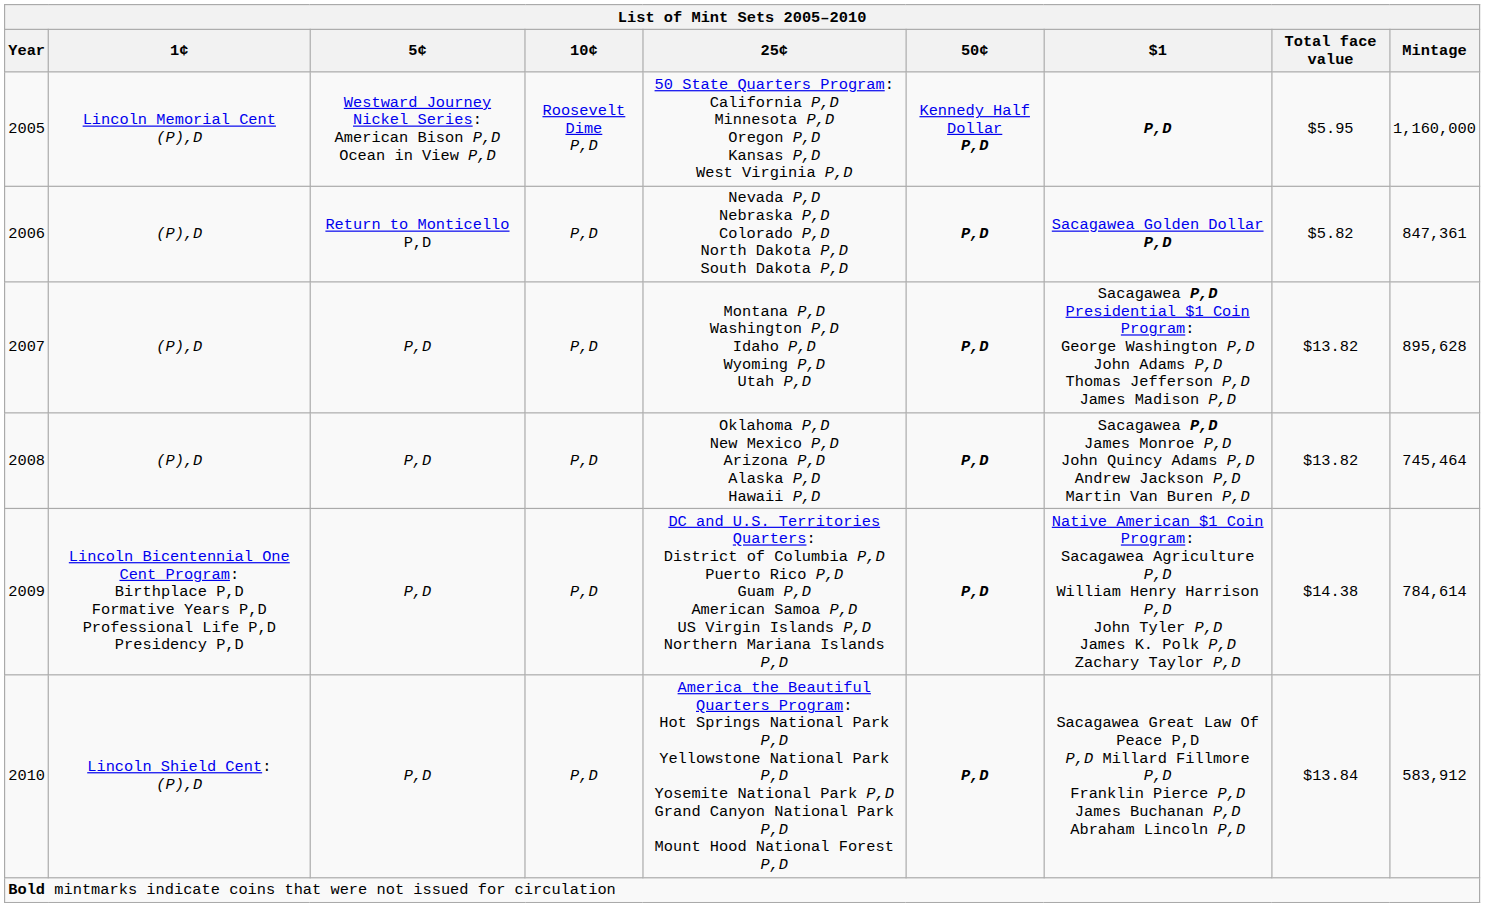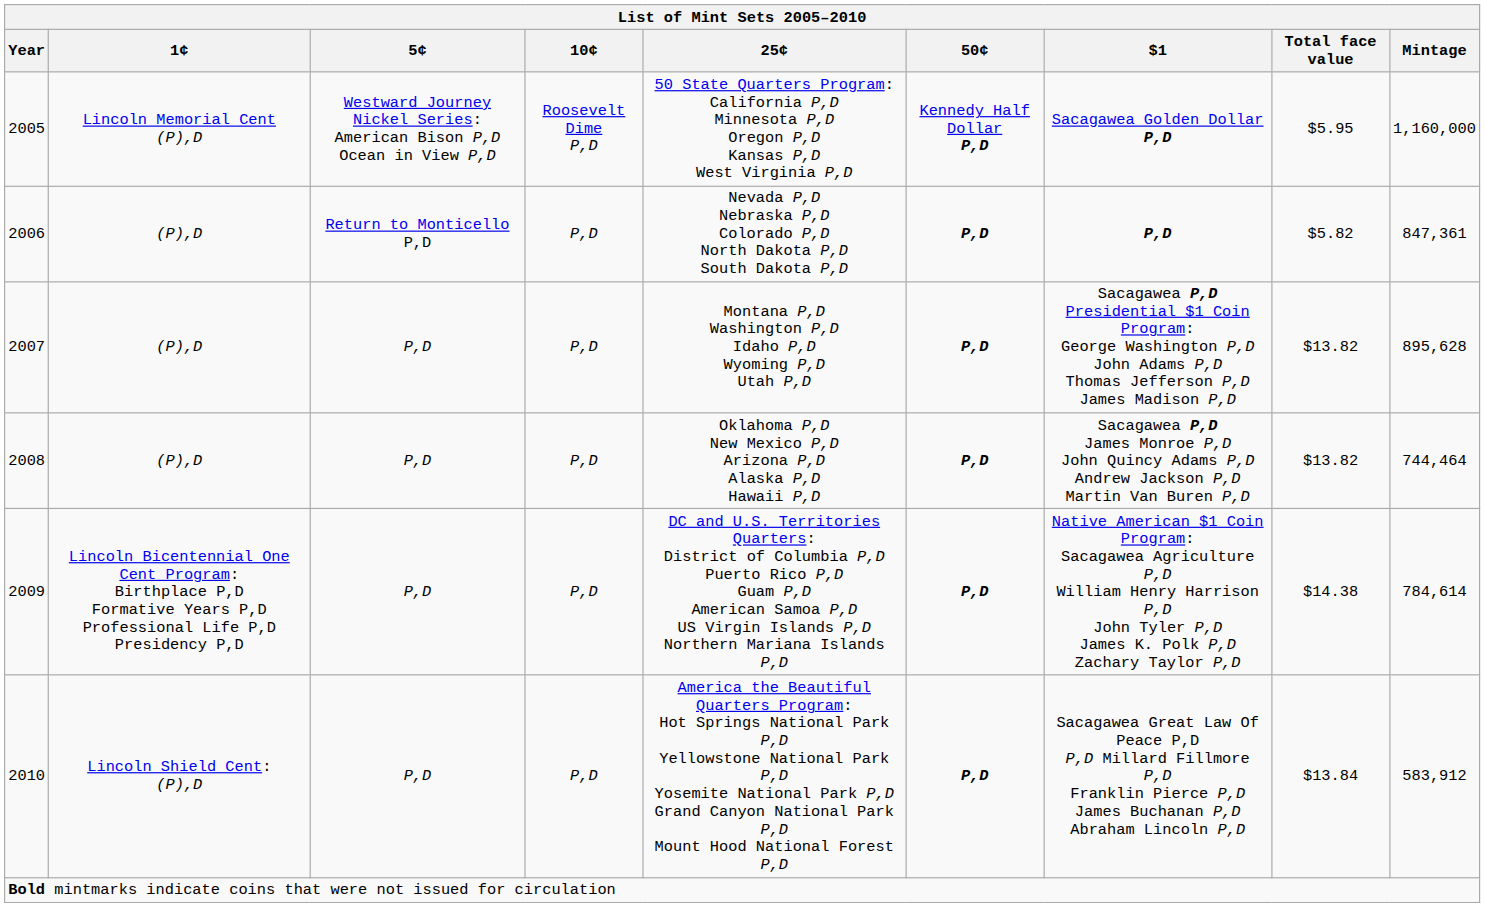 <table class="wikitable mw-collapsible mw-collapsed">
 <tr>
 <th colspan="9">List of Mint Sets 2005–2010</th>
 </tr>
 <tr>
 <th align="center">Year</th>
 <th align="center">1¢</th>
 <th align="center">5¢</th>
 <th align="center">10¢</th>
 <th align="center">25¢</th>
 <th align="center">50¢</th>
 <th align="center">$1</th>
 <th align="center">Total face value</th>
 <th align="center">Mintage</th>
 </tr>
 <tr>
 <td align="center">2005</td>
 <td align="center"><a href='#'>Lincoln Memorial Cent</a><br><em>(P),D</em></td>
 <td align="center"><a href='#'>Westward Journey Nickel Series</a>:<br>American Bison <em>P,D</em><br>Ocean in View <em>P,D</em></td>
 <td align="center"><a href='#'>Roosevelt Dime</a><br><em>P,D</em></td>
 <td align="center"><a href='#'>50 State Quarters Program</a>:<br>California <em>P,D</em><br>Minnesota <em>P,D</em><br>Oregon <em>P,D</em><br>Kansas <em>P,D</em><br>West Virginia <em>P,D</em></td>
 <td align="center"><a href='#'>Kennedy Half Dollar</a><br><strong><em>P,D</em></strong></td>
-<td align="center"><strong><em>P,D</em></strong></td>
+<td align="center"><a href='#'>Sacagawea Golden Dollar</a><br><strong><em>P,D</em></strong></td>
 <td align="center">$5.95</td>
 <td align="center">1,160,000</td>
 </tr>
 <tr>
 <td align="center">2006</td>
 <td align="center"><em>(P),D</em></td>
 <td align="center"><a href='#'>Return to Monticello</a> P,D</td>
 <td align="center"><em>P,D</em></td>
 <td align="center">Nevada <em>P,D</em><br>Nebraska <em>P,D</em><br>Colorado <em>P,D</em><br>North Dakota <em>P,D</em><br>South Dakota <em>P,D</em></td>
 <td align="center"><strong><em>P,D</em></strong></td>
-<td align="center"><a href='#'>Sacagawea Golden Dollar</a><br><strong><em>P,D</em></strong></td>
+<td align="center"><strong><em>P,D</em></strong></td>
 <td align="center">$5.82</td>
 <td align="center">847,361</td>
 </tr>
 <tr>
 <td align="center">2007</td>
 <td align="center"><em>(P),D</em></td>
 <td align="center"><em>P,D</em></td>
 <td align="center"><em>P,D</em></td>
 <td align="center">Montana <em>P,D</em><br>Washington <em>P,D</em><br>Idaho <em>P,D</em><br>Wyoming <em>P,D</em><br>Utah <em>P,D</em></td>
 <td align="center"><strong><em>P,D</em></strong></td>
 <td align="center">Sacagawea <strong><em>P,D</em></strong><br><a href='#'>Presidential $1 Coin Program</a>:<br>George Washington <em>P,D</em><br>John Adams <em>P,D</em><br>Thomas Jefferson <em>P,D</em><br>James Madison <em>P,D</em></td>
 <td align="center">$13.82</td>
 <td align="center">895,628</td>
 </tr>
 <tr>
 <td align="center">2008</td>
 <td align="center"><em>(P),D</em></td>
 <td align="center"><em>P,D</em></td>
 <td align="center"><em>P,D</em></td>
 <td align="center">Oklahoma <em>P,D</em><br>New Mexico <em>P,D</em><br>Arizona <em>P,D</em><br>Alaska <em>P,D</em><br>Hawaii <em>P,D</em></td>
 <td align="center"><strong><em>P,D</em></strong></td>
 <td align="center">Sacagawea <strong><em>P,D</em></strong><br>James Monroe <em>P,D</em><br>John Quincy Adams <em>P,D</em><br>Andrew Jackson <em>P,D</em><br>Martin Van Buren <em>P,D</em></td>
 <td align="center">$13.82</td>
-<td align="center">745,464</td>
+<td align="center">744,464</td>
 </tr>
 <tr>
 <td align="center">2009</td>
 <td align="center"><br><a href='#'>Lincoln Bicentennial One Cent Program</a>:<br> Birthplace P,D<br> Formative Years P,D<br> Professional Life P,D<br> Presidency P,D</td>
 <td align="center"><em>P,D</em></td>
 <td align="center"><em>P,D</em></td>
 <td align="center"><a href='#'>DC and U.S. Territories Quarters</a>:<br>District of Columbia <em>P,D</em><br>Puerto Rico <em>P,D</em><br>Guam <em>P,D</em><br>American Samoa <em>P,D</em><br>US Virgin Islands <em>P,D</em><br>Northern Mariana Islands <em>P,D</em></td>
 <td align="center"><strong><em>P,D</em></strong></td>
 <td align="center"><a href='#'>Native American $1 Coin Program</a>:<br>Sacagawea Agriculture <em>P,D</em><br>William Henry Harrison <em>P,D</em><br>John Tyler <em>P,D</em><br>James K. Polk <em>P,D</em><br>Zachary Taylor <em>P,D</em></td>
 <td align="center">$14.38</td>
 <td align="center">784,614</td>
 </tr>
 <tr>
 <td align="center">2010</td>
 <td align="center"><a href='#'>Lincoln Shield Cent</a>:<br> <em>(P),D</em></td>
 <td align="center"><em>P,D</em></td>
 <td align="center"><em>P,D</em></td>
 <td align="center"><a href='#'>America the Beautiful Quarters Program</a>:<br>Hot Springs National Park <em>P,D</em><br>Yellowstone National Park <em>P,D</em><br>Yosemite National Park <em>P,D</em><br>Grand Canyon National Park <em>P,D</em><br>Mount Hood National Forest <em>P,D</em></td>
 <td align="center"><strong><em>P,D</em></strong></td>
 <td align="center">Sacagawea Great Law Of Peace P,D<br><em>P,D</em> Millard Fillmore <em>P,D</em><br>Franklin Pierce <em>P,D</em><br>James Buchanan <em>P,D</em><br>Abraham Lincoln <em>P,D</em></td>
 <td align="center">$13.84</td>
 <td align="center">583,912</td>
 </tr>
 <tr>
 <td colspan="9"><strong>Bold</strong> mintmarks indicate coins that were not issued for circulation</td>
 </tr>
 </table>
